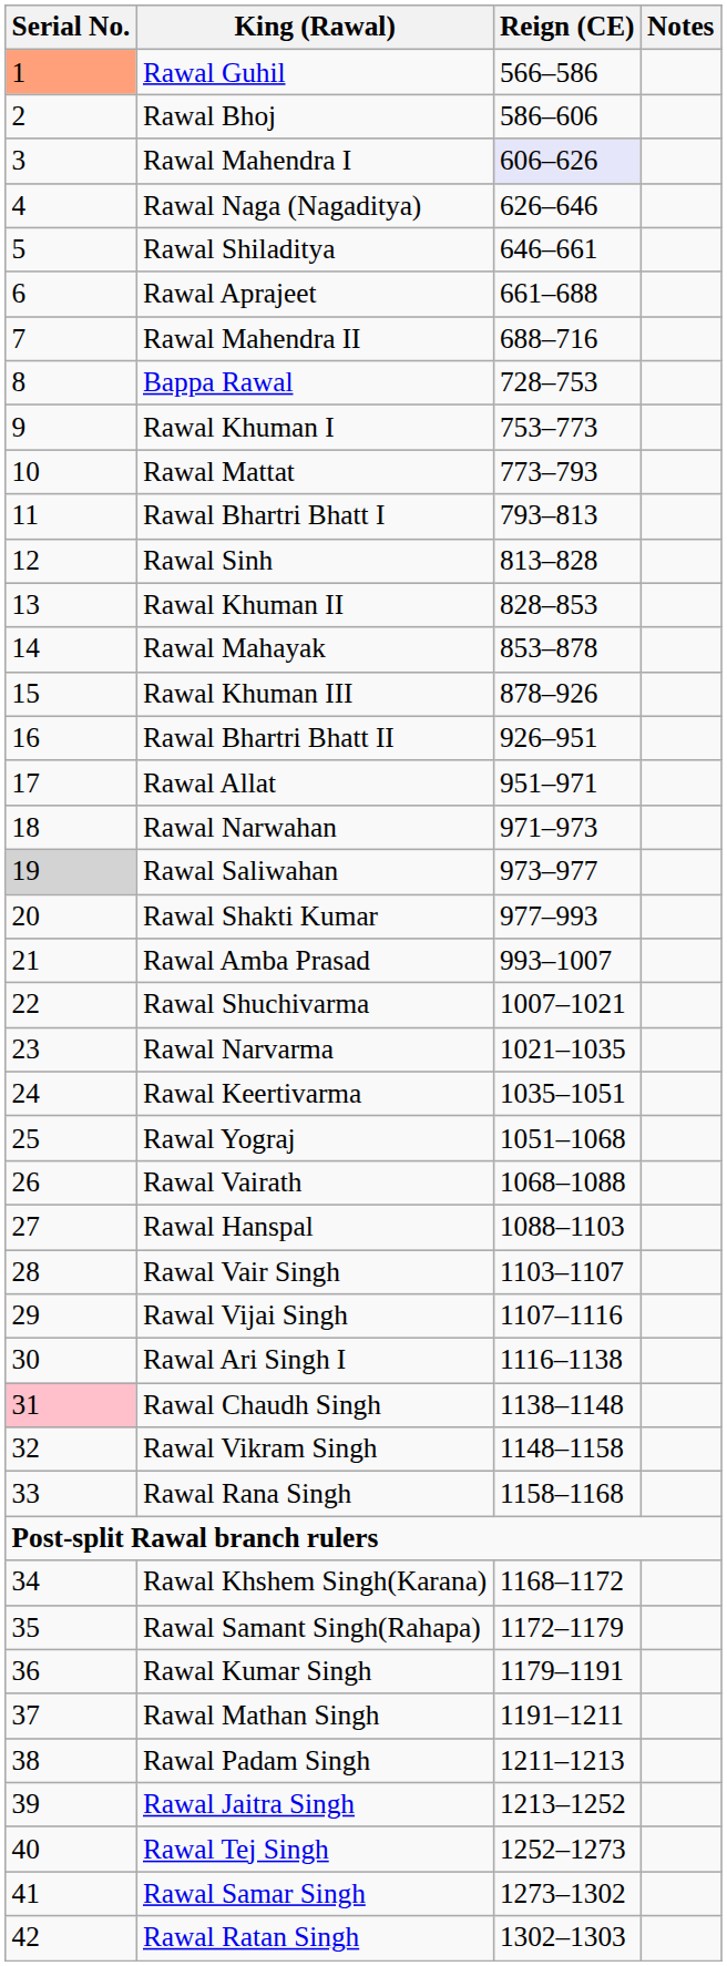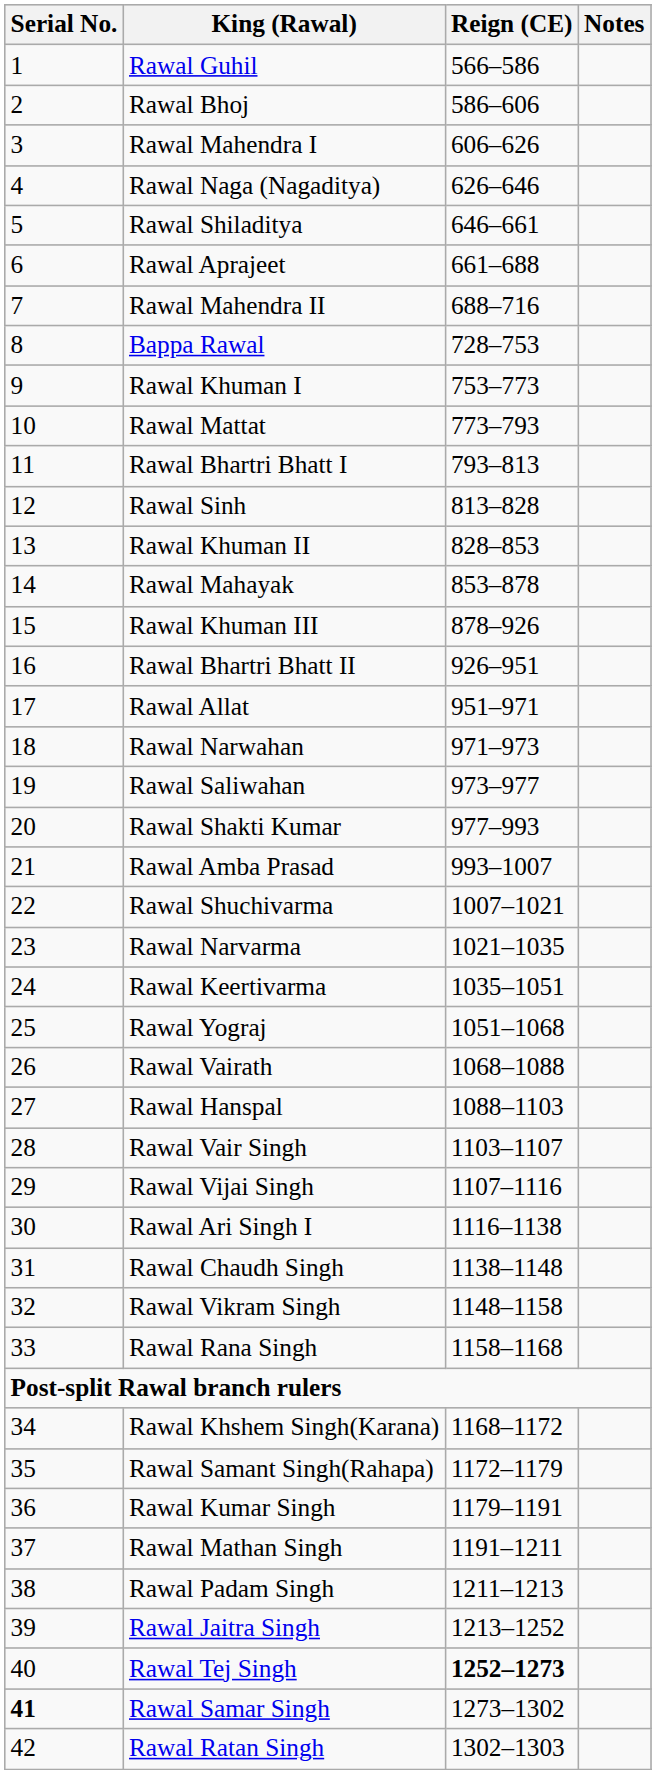 <table class="wikitable">
 <tr>
 <th>Serial No.</th>
 <th>King (Rawal)</th>
 <th>Reign (CE)</th>
 <th>Notes</th>
 </tr>
 <tr>
-<td style="background: lightsalmon;">1</td>
+<td>1</td>
 <td><a href='#'>Rawal Guhil</a></td>
 <td>566–586</td>
 <td></td>
 </tr>
 <tr>
 <td>2</td>
 <td>Rawal Bhoj</td>
 <td>586–606</td>
 <td></td>
 </tr>
 <tr>
 <td>3</td>
 <td>Rawal Mahendra I</td>
-<td style="background: lavender;">606–626</td>
+<td>606–626</td>
 <td></td>
 </tr>
 <tr>
 <td>4</td>
 <td>Rawal Naga (Nagaditya)</td>
 <td>626–646</td>
 <td></td>
 </tr>
 <tr>
 <td>5</td>
 <td>Rawal Shiladitya</td>
 <td>646–661</td>
 <td></td>
 </tr>
 <tr>
 <td>6</td>
 <td>Rawal Aprajeet</td>
 <td>661–688</td>
 <td></td>
 </tr>
 <tr>
 <td>7</td>
 <td>Rawal Mahendra II</td>
 <td>688–716</td>
 <td></td>
 </tr>
 <tr>
 <td>8</td>
 <td><a href='#'>Bappa Rawal</a></td>
 <td>728–753</td>
 <td></td>
 </tr>
 <tr>
 <td>9</td>
 <td>Rawal Khuman I</td>
 <td>753–773</td>
 <td></td>
 </tr>
 <tr>
 <td>10</td>
 <td>Rawal Mattat</td>
 <td>773–793</td>
 <td></td>
 </tr>
 <tr>
 <td>11</td>
 <td>Rawal Bhartri Bhatt I</td>
 <td>793–813</td>
 <td></td>
 </tr>
 <tr>
 <td>12</td>
 <td>Rawal Sinh</td>
 <td>813–828</td>
 <td></td>
 </tr>
 <tr>
 <td>13</td>
 <td>Rawal Khuman II</td>
 <td>828–853</td>
 <td></td>
 </tr>
 <tr>
 <td>14</td>
 <td>Rawal Mahayak</td>
 <td>853–878</td>
 <td></td>
 </tr>
 <tr>
 <td>15</td>
 <td>Rawal Khuman III</td>
 <td>878–926</td>
 <td></td>
 </tr>
 <tr>
 <td>16</td>
 <td>Rawal Bhartri Bhatt II</td>
 <td>926–951</td>
 <td></td>
 </tr>
 <tr>
 <td>17</td>
 <td>Rawal Allat</td>
 <td>951–971</td>
 <td></td>
 </tr>
 <tr>
 <td>18</td>
 <td>Rawal Narwahan</td>
 <td>971–973</td>
 <td></td>
 </tr>
 <tr>
-<td style="background: lightgrey;">19</td>
+<td>19</td>
 <td>Rawal Saliwahan</td>
 <td>973–977</td>
 <td></td>
 </tr>
 <tr>
 <td>20</td>
 <td>Rawal Shakti Kumar</td>
 <td>977–993</td>
 <td></td>
 </tr>
 <tr>
 <td>21</td>
 <td>Rawal Amba Prasad</td>
 <td>993–1007</td>
 <td></td>
 </tr>
 <tr>
 <td>22</td>
 <td>Rawal Shuchivarma</td>
 <td>1007–1021</td>
 <td></td>
 </tr>
 <tr>
 <td>23</td>
 <td>Rawal Narvarma</td>
 <td>1021–1035</td>
 <td></td>
 </tr>
 <tr>
 <td>24</td>
 <td>Rawal Keertivarma</td>
 <td>1035–1051</td>
 <td></td>
 </tr>
 <tr>
 <td>25</td>
 <td>Rawal Yograj</td>
 <td>1051–1068</td>
 <td></td>
 </tr>
 <tr>
 <td>26</td>
 <td>Rawal Vairath</td>
 <td>1068–1088</td>
 <td></td>
 </tr>
 <tr>
 <td>27</td>
 <td>Rawal Hanspal</td>
 <td>1088–1103</td>
 <td></td>
 </tr>
 <tr>
 <td>28</td>
 <td>Rawal Vair Singh</td>
 <td>1103–1107</td>
 <td></td>
 </tr>
 <tr>
 <td>29</td>
 <td>Rawal Vijai Singh</td>
 <td>1107–1116</td>
 <td></td>
 </tr>
 <tr>
 <td>30</td>
 <td>Rawal Ari Singh I</td>
 <td>1116–1138</td>
 <td></td>
 </tr>
 <tr>
-<td style="background: pink;">31</td>
+<td>31</td>
 <td>Rawal Chaudh Singh</td>
 <td>1138–1148</td>
 <td></td>
 </tr>
 <tr>
 <td>32</td>
 <td>Rawal Vikram Singh</td>
 <td>1148–1158</td>
 <td></td>
 </tr>
 <tr>
 <td>33</td>
 <td>Rawal Rana Singh</td>
 <td>1158–1168</td>
 <td></td>
 </tr>
 <tr>
 <td colspan="4"><strong>Post-split Rawal branch rulers</strong></td>
 </tr>
 <tr>
 <td>34</td>
 <td>Rawal  Khshem Singh(Karana)</td>
 <td>1168–1172</td>
 <td></td>
 </tr>
 <tr>
 <td>35</td>
 <td>Rawal Samant Singh(Rahapa)</td>
 <td>1172–1179</td>
 <td></td>
 </tr>
 <tr>
 <td>36</td>
 <td>Rawal Kumar Singh</td>
 <td>1179–1191</td>
 <td></td>
 </tr>
 <tr>
 <td>37</td>
 <td>Rawal Mathan Singh</td>
 <td>1191–1211</td>
 <td></td>
 </tr>
 <tr>
 <td>38</td>
 <td>Rawal Padam Singh</td>
 <td>1211–1213</td>
 <td></td>
 </tr>
 <tr>
 <td>39</td>
 <td><a href='#'>Rawal Jaitra Singh</a></td>
 <td>1213–1252</td>
 <td></td>
 </tr>
 <tr>
 <td>40</td>
 <td><a href='#'>Rawal Tej Singh</a></td>
-<td>1252–1273</td>
+<td><strong>1252–1273</strong></td>
 <td></td>
 </tr>
 <tr>
-<td>41</td>
+<td><strong>41</strong></td>
 <td><a href='#'>Rawal Samar Singh</a></td>
 <td>1273–1302</td>
 <td></td>
 </tr>
 <tr>
 <td>42</td>
 <td><a href='#'>Rawal Ratan Singh</a></td>
 <td>1302–1303</td>
 <td></td>
 </tr>
 <tr>
 </tr>
 </table>
